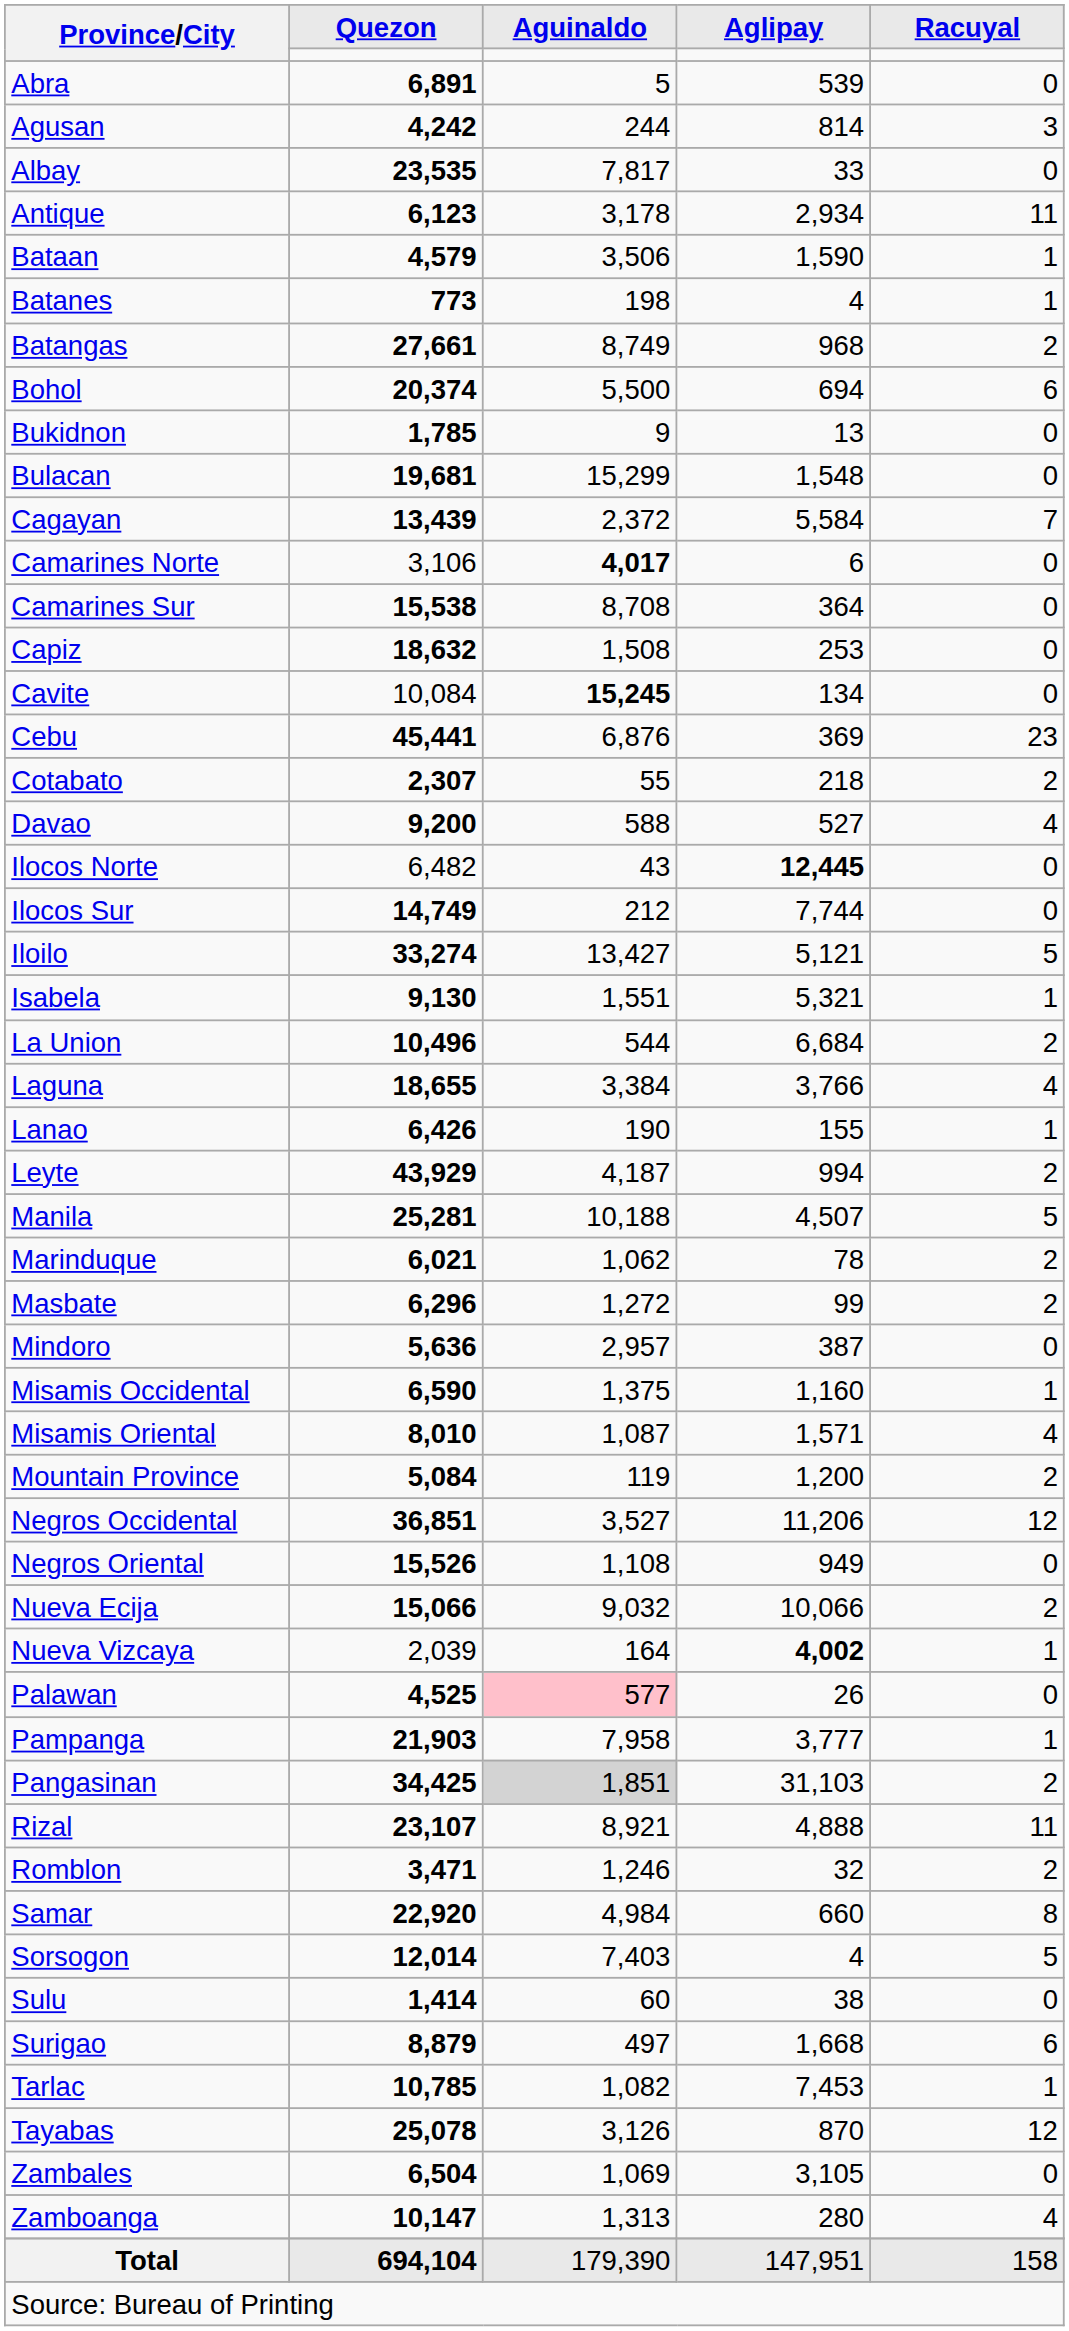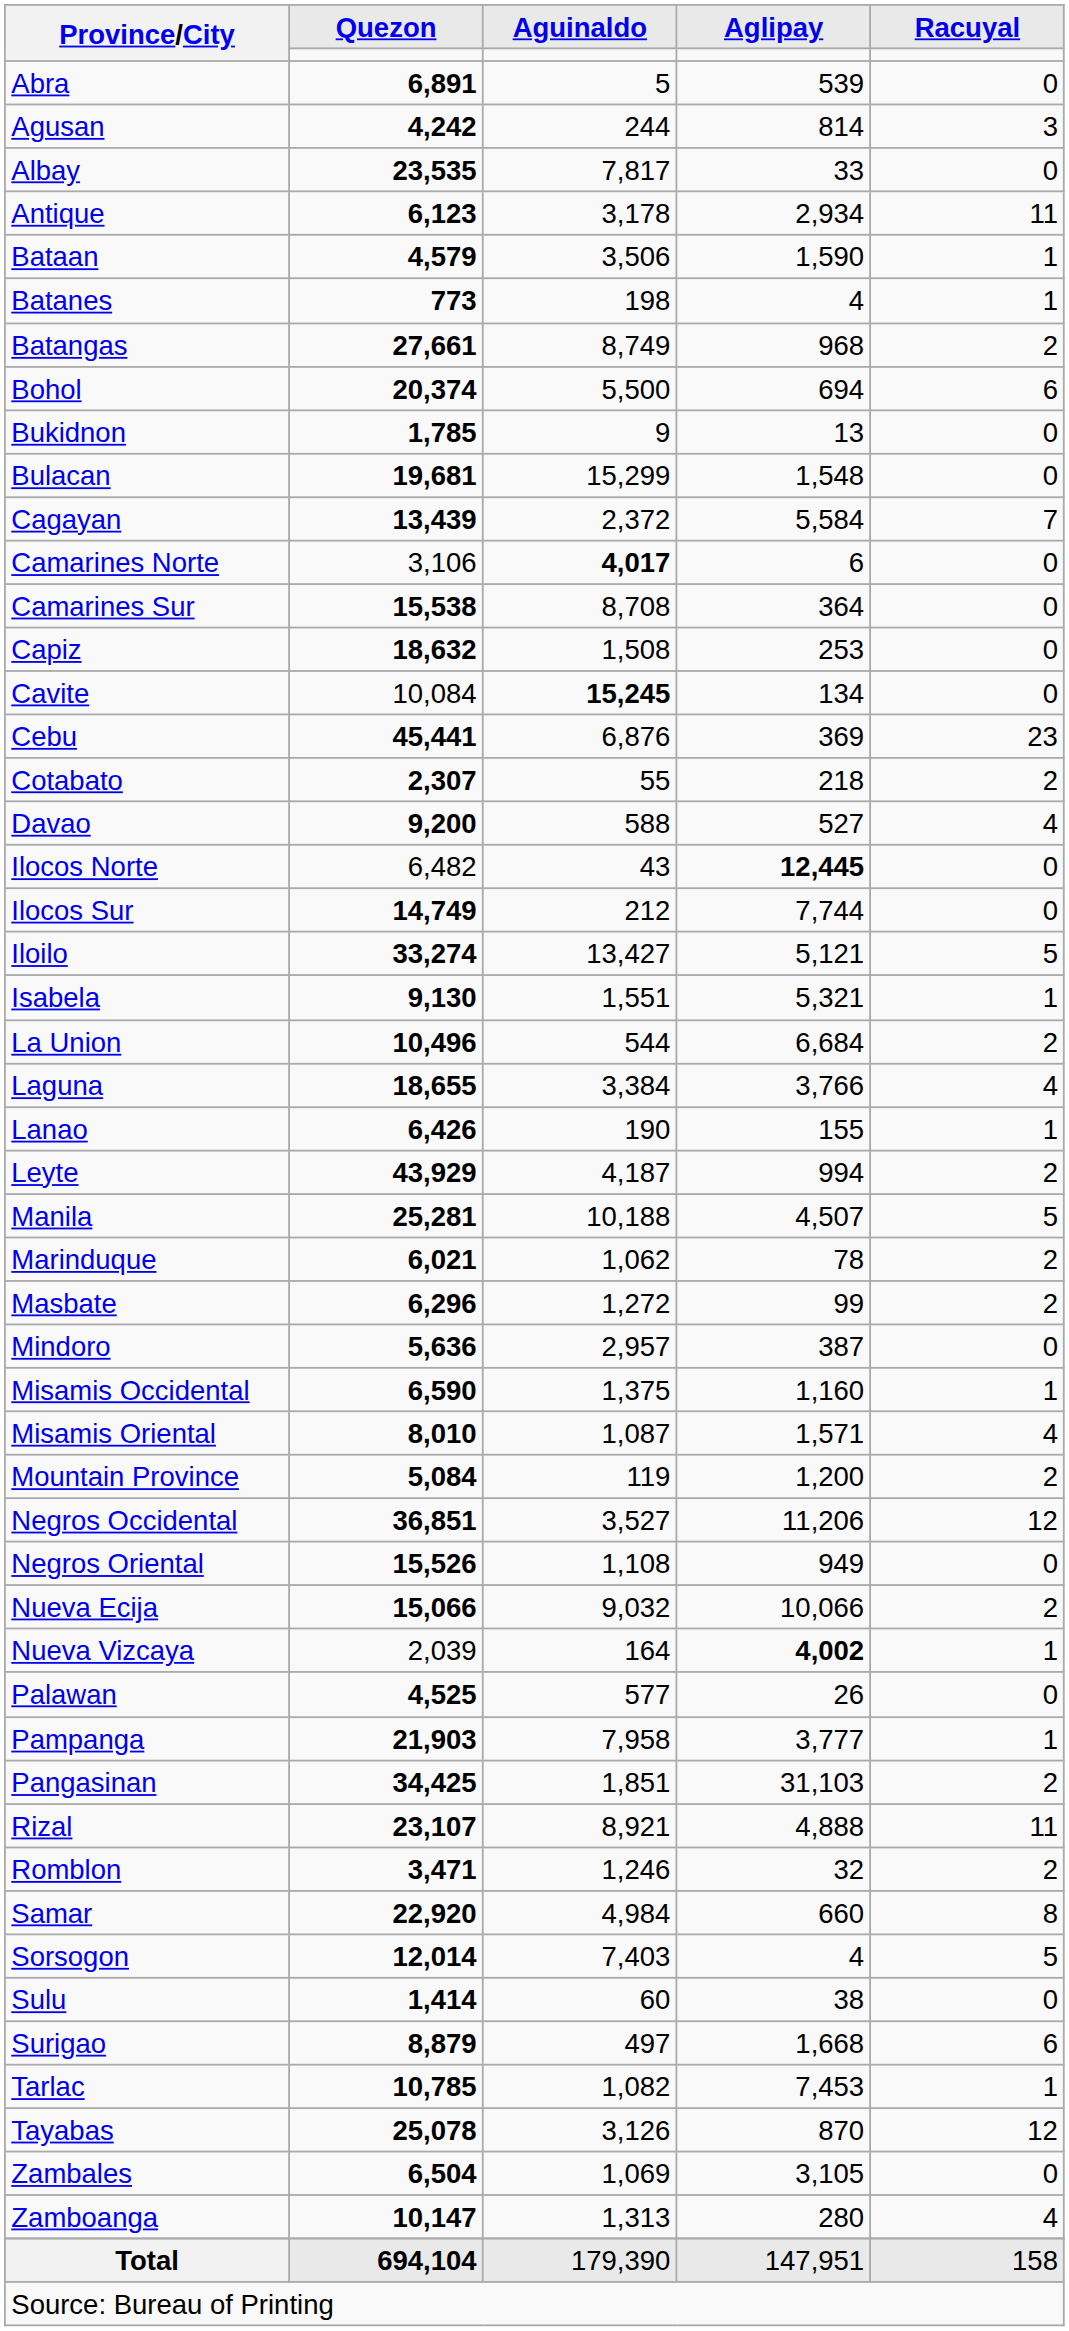 <table class="wikitable" style="text-align:right; font-size:95%">
 <tr>
 <th rowspan="2" align="left" width="150px"><a href='#'>Province</a>/<a href='#'>City</a></th>
 <th align="center" width="100px" style="background: #E9E9E9"><a href='#'>Quezon</a></th>
 <th align="center" width="100px" style="background: #E9E9E9"><a href='#'>Aguinaldo</a></th>
 <th align="center" width="100px" style="background: #E9E9E9"><a href='#'>Aglipay</a></th>
 <th align="center" width="100px" style="background: #E9E9E9"><a href='#'>Racuyal</a></th>
 </tr>
 <tr>
 <td></td>
 <td></td>
 <td></td>
 <td></td>
 </tr>
 <tr>
 <td align="left"><a href='#'>Abra</a></td>
 <td><strong>6,891</strong></td>
 <td>5</td>
 <td>539</td>
 <td>0</td>
 </tr>
 <tr>
 <td align="left"><a href='#'>Agusan</a></td>
 <td><strong>4,242</strong></td>
 <td>244</td>
 <td>814</td>
 <td>3</td>
 </tr>
 <tr>
 <td align="left"><a href='#'>Albay</a></td>
 <td><strong>23,535</strong></td>
 <td>7,817</td>
 <td>33</td>
 <td>0</td>
 </tr>
 <tr>
 <td align="left"><a href='#'>Antique</a></td>
 <td><strong>6,123</strong></td>
 <td>3,178</td>
 <td>2,934</td>
 <td>11</td>
 </tr>
 <tr>
 <td align="left"><a href='#'>Bataan</a></td>
 <td><strong>4,579</strong></td>
 <td>3,506</td>
 <td>1,590</td>
 <td>1</td>
 </tr>
 <tr>
 <td align="left"><a href='#'>Batanes</a></td>
 <td><strong>773</strong></td>
 <td>198</td>
 <td>4</td>
 <td>1</td>
 </tr>
 <tr>
 <td align="left"><a href='#'>Batangas</a></td>
 <td><strong>27,661</strong></td>
 <td>8,749</td>
 <td>968</td>
 <td>2</td>
 </tr>
 <tr>
 <td align="left"><a href='#'>Bohol</a></td>
 <td><strong>20,374</strong></td>
 <td>5,500</td>
 <td>694</td>
 <td>6</td>
 </tr>
 <tr>
 <td align="left"><a href='#'>Bukidnon</a></td>
 <td><strong>1,785</strong></td>
 <td>9</td>
 <td>13</td>
 <td>0</td>
 </tr>
 <tr>
 <td align="left"><a href='#'>Bulacan</a></td>
 <td><strong>19,681</strong></td>
 <td>15,299</td>
 <td>1,548</td>
 <td>0</td>
 </tr>
 <tr>
 <td align="left"><a href='#'>Cagayan</a></td>
 <td><strong>13,439</strong></td>
 <td>2,372</td>
 <td>5,584</td>
 <td>7</td>
 </tr>
 <tr>
 <td align="left"><a href='#'>Camarines Norte</a></td>
 <td>3,106</td>
 <td><strong>4,017</strong></td>
 <td>6</td>
 <td>0</td>
 </tr>
 <tr>
 <td align="left"><a href='#'>Camarines Sur</a></td>
 <td><strong>15,538</strong></td>
 <td>8,708</td>
 <td>364</td>
 <td>0</td>
 </tr>
 <tr>
 <td align="left"><a href='#'>Capiz</a></td>
 <td><strong>18,632</strong></td>
 <td>1,508</td>
 <td>253</td>
 <td>0</td>
 </tr>
 <tr>
 <td align="left"><a href='#'>Cavite</a></td>
 <td>10,084</td>
 <td><strong>15,245</strong></td>
 <td>134</td>
 <td>0</td>
 </tr>
 <tr>
 <td align="left"><a href='#'>Cebu</a></td>
 <td><strong>45,441</strong></td>
 <td>6,876</td>
 <td>369</td>
 <td>23</td>
 </tr>
 <tr>
 <td align="left"><a href='#'>Cotabato</a></td>
 <td><strong>2,307</strong></td>
 <td>55</td>
 <td>218</td>
 <td>2</td>
 </tr>
 <tr>
 <td align="left"><a href='#'>Davao</a></td>
 <td><strong>9,200</strong></td>
 <td>588</td>
 <td>527</td>
 <td>4</td>
 </tr>
 <tr>
 <td align="left"><a href='#'>Ilocos Norte</a></td>
 <td>6,482</td>
 <td>43</td>
 <td><strong>12,445</strong></td>
 <td>0</td>
 </tr>
 <tr>
 <td align="left"><a href='#'>Ilocos Sur</a></td>
 <td><strong>14,749</strong></td>
 <td>212</td>
 <td>7,744</td>
 <td>0</td>
 </tr>
 <tr>
 <td align="left"><a href='#'>Iloilo</a></td>
 <td><strong>33,274</strong></td>
 <td>13,427</td>
 <td>5,121</td>
 <td>5</td>
 </tr>
 <tr>
 <td align="left"><a href='#'>Isabela</a></td>
 <td><strong>9,130</strong></td>
 <td>1,551</td>
 <td>5,321</td>
 <td>1</td>
 </tr>
 <tr>
 <td align="left"><a href='#'>La Union</a></td>
 <td><strong>10,496</strong></td>
 <td>544</td>
 <td>6,684</td>
 <td>2</td>
 </tr>
 <tr>
 <td align="left"><a href='#'>Laguna</a></td>
 <td><strong>18,655</strong></td>
 <td>3,384</td>
 <td>3,766</td>
 <td>4</td>
 </tr>
 <tr>
 <td align="left"><a href='#'>Lanao</a></td>
 <td><strong>6,426</strong></td>
 <td>190</td>
 <td>155</td>
 <td>1</td>
 </tr>
 <tr>
 <td align="left"><a href='#'>Leyte</a></td>
 <td><strong>43,929</strong></td>
 <td>4,187</td>
 <td>994</td>
 <td>2</td>
 </tr>
 <tr>
 <td align="left"><a href='#'>Manila</a></td>
 <td><strong>25,281</strong></td>
 <td>10,188</td>
 <td>4,507</td>
 <td>5</td>
 </tr>
 <tr>
 <td align="left"><a href='#'>Marinduque</a></td>
 <td><strong>6,021</strong></td>
 <td>1,062</td>
 <td>78</td>
 <td>2</td>
 </tr>
 <tr>
 <td align="left"><a href='#'>Masbate</a></td>
 <td><strong>6,296</strong></td>
 <td>1,272</td>
 <td>99</td>
 <td>2</td>
 </tr>
 <tr>
 <td align="left"><a href='#'>Mindoro</a></td>
 <td><strong>5,636</strong></td>
 <td>2,957</td>
 <td>387</td>
 <td>0</td>
 </tr>
 <tr>
 <td align="left"><a href='#'>Misamis Occidental</a></td>
 <td><strong>6,590</strong></td>
 <td>1,375</td>
 <td>1,160</td>
 <td>1</td>
 </tr>
 <tr>
 <td align="left"><a href='#'>Misamis Oriental</a></td>
 <td><strong>8,010</strong></td>
 <td>1,087</td>
 <td>1,571</td>
 <td>4</td>
 </tr>
 <tr>
 <td align="left"><a href='#'>Mountain Province</a></td>
 <td><strong>5,084</strong></td>
 <td>119</td>
 <td>1,200</td>
 <td>2</td>
 </tr>
 <tr>
 <td align="left"><a href='#'>Negros Occidental</a></td>
 <td><strong>36,851</strong></td>
 <td>3,527</td>
 <td>11,206</td>
 <td>12</td>
 </tr>
 <tr>
 <td align="left"><a href='#'>Negros Oriental</a></td>
 <td><strong>15,526</strong></td>
 <td>1,108</td>
 <td>949</td>
 <td>0</td>
 </tr>
 <tr>
 <td align="left"><a href='#'>Nueva Ecija</a></td>
 <td><strong>15,066</strong></td>
 <td>9,032</td>
 <td>10,066</td>
 <td>2</td>
 </tr>
 <tr>
 <td align="left"><a href='#'>Nueva Vizcaya</a></td>
 <td>2,039</td>
 <td>164</td>
 <td><strong>4,002</strong></td>
 <td>1</td>
 </tr>
 <tr>
 <td align="left"><a href='#'>Palawan</a></td>
 <td><strong>4,525</strong></td>
-<td style="background: pink;">577</td>
+<td>577</td>
 <td>26</td>
 <td>0</td>
 </tr>
 <tr>
 <td align="left"><a href='#'>Pampanga</a></td>
 <td><strong>21,903</strong></td>
 <td>7,958</td>
 <td>3,777</td>
 <td>1</td>
 </tr>
 <tr>
 <td align="left"><a href='#'>Pangasinan</a></td>
 <td><strong>34,425</strong></td>
-<td style="background: lightgrey;">1,851</td>
+<td>1,851</td>
 <td>31,103</td>
 <td>2</td>
 </tr>
 <tr>
 <td align="left"><a href='#'>Rizal</a></td>
 <td><strong>23,107</strong></td>
 <td>8,921</td>
 <td>4,888</td>
 <td>11</td>
 </tr>
 <tr>
 <td align="left"><a href='#'>Romblon</a></td>
 <td><strong>3,471</strong></td>
 <td>1,246</td>
 <td>32</td>
 <td>2</td>
 </tr>
 <tr>
 <td align="left"><a href='#'>Samar</a></td>
 <td><strong>22,920</strong></td>
 <td>4,984</td>
 <td>660</td>
 <td>8</td>
 </tr>
 <tr>
 <td align="left"><a href='#'>Sorsogon</a></td>
 <td><strong>12,014</strong></td>
 <td>7,403</td>
 <td>4</td>
 <td>5</td>
 </tr>
 <tr>
 <td align="left"><a href='#'>Sulu</a></td>
 <td><strong>1,414</strong></td>
 <td>60</td>
 <td>38</td>
 <td>0</td>
 </tr>
 <tr>
 <td align="left"><a href='#'>Surigao</a></td>
 <td><strong>8,879</strong></td>
 <td>497</td>
 <td>1,668</td>
 <td>6</td>
 </tr>
 <tr>
 <td align="left"><a href='#'>Tarlac</a></td>
 <td><strong>10,785</strong></td>
 <td>1,082</td>
 <td>7,453</td>
 <td>1</td>
 </tr>
 <tr>
 <td align="left"><a href='#'>Tayabas</a></td>
 <td><strong>25,078</strong></td>
 <td>3,126</td>
 <td>870</td>
 <td>12</td>
 </tr>
 <tr>
 <td align="left"><a href='#'>Zambales</a></td>
 <td><strong>6,504</strong></td>
 <td>1,069</td>
 <td>3,105</td>
 <td>0</td>
 </tr>
 <tr>
 <td align="left"><a href='#'>Zamboanga</a></td>
 <td><strong>10,147</strong></td>
 <td>1,313</td>
 <td>280</td>
 <td>4</td>
 </tr>
 <tr>
 </tr>
 <tr style="background:#E9E9E9">
 <th align="center"><strong>Total</strong></th>
 <td><strong>694,104</strong></td>
 <td>179,390</td>
 <td>147,951</td>
 <td>158</td>
 </tr>
 <tr>
 <td colspan="5" align="left">Source: Bureau of Printing</td>
 </tr>
 </table>
